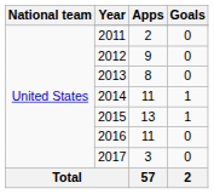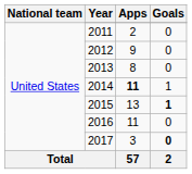 <table class="wikitable" style="text-align:center">
 <tr>
 <th>National team</th>
 <th>Year</th>
 <th>Apps</th>
 <th>Goals</th>
 </tr>
 <tr>
 <td rowspan="8"><a href='#'>United States</a></td>
 </tr>
 <tr>
 <td>2011</td>
 <td>2</td>
 <td>0</td>
 </tr>
 <tr>
 <td>2012</td>
 <td>9</td>
 <td>0</td>
 </tr>
 <tr>
 <td>2013</td>
 <td>8</td>
 <td>0</td>
 </tr>
 <tr>
 <td>2014</td>
-<td>11</td>
+<td><strong>11</strong></td>
 <td>1</td>
 </tr>
 <tr>
 <td>2015</td>
 <td>13</td>
-<td>1</td>
+<td><strong>1</strong></td>
 </tr>
 <tr>
 <td>2016</td>
 <td>11</td>
 <td>0</td>
 </tr>
 <tr>
 <td>2017</td>
 <td>3</td>
-<td>0</td>
+<td><strong>0</strong></td>
 </tr>
 <tr>
 <th colspan="2">Total</th>
 <th>57</th>
 <th>2</th>
 </tr>
 </table>
